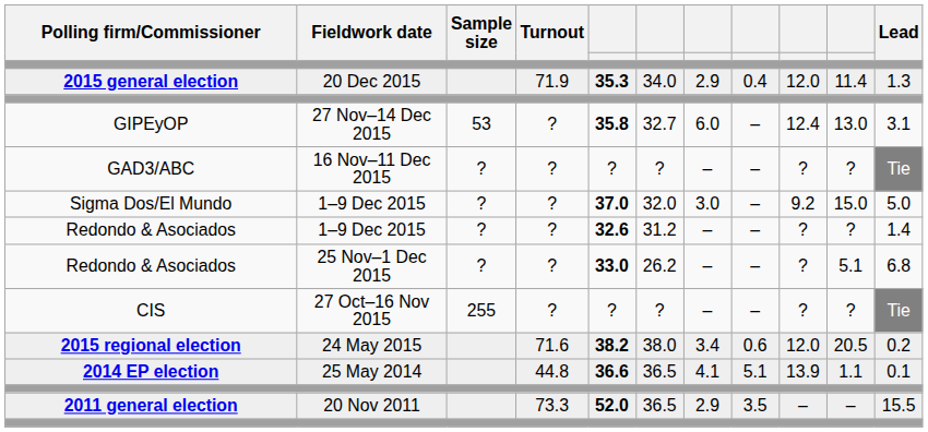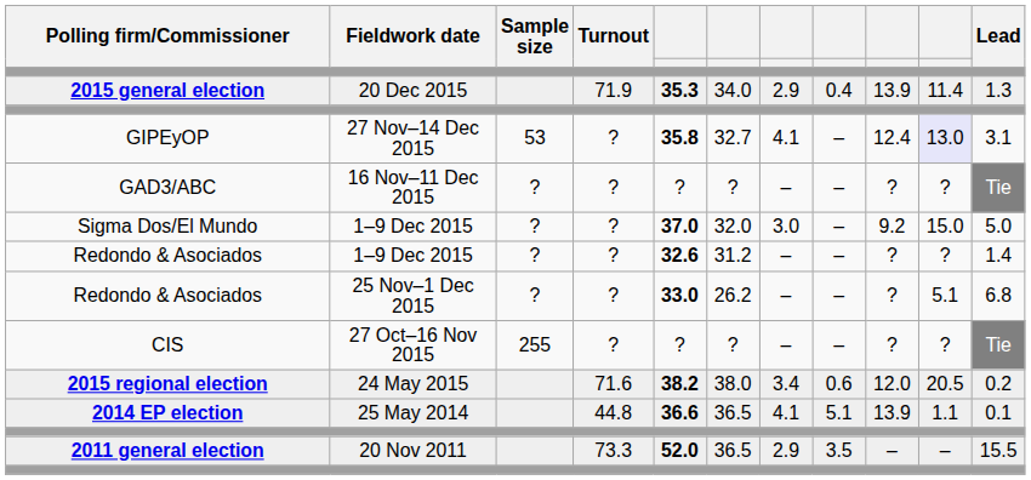 <table class="wikitable collapsible collapsed" style="text-align:center; font-size:95%; line-height:16px;">
 <tr style="height:42px; background-color:#E9E9E9">
 <th style="width:250px;" rowspan="2">Polling firm/Commissioner</th>
 <th style="width:125px;" rowspan="2">Fieldwork date</th>
 <th style="width:50px;" rowspan="2">Sample size</th>
 <th style="width:45px;" rowspan="2">Turnout</th>
 <th style="width:35px;"></th>
 <th style="width:35px;"></th>
 <th style="width:35px;"></th>
 <th style="width:35px;"></th>
 <th style="width:35px;"></th>
 <th style="width:35px;"></th>
 <th style="width:30px;" rowspan="2">Lead</th>
 </tr>
 <tr>
 <th style="color:inherit;background:"></th>
 <th style="color:inherit;background:"></th>
 <th style="color:inherit;background:"></th>
 <th style="color:inherit;background:"></th>
 <th style="color:inherit;background:"></th>
 <th style="color:inherit;background:"></th>
 </tr>
 <tr>
 <td colspan="11" style="background:#A0A0A0"></td>
 </tr>
 <tr style="background:#EFEFEF;">
 <td><strong><a href='#'>2015 general election</a></strong></td>
 <td>20 Dec 2015</td>
 <td></td>
 <td>71.9</td>
 <td><strong>35.3</strong><br></td>
 <td>34.0<br></td>
 <td>2.9<br></td>
 <td>0.4<br></td>
-<td>12.0<br></td>
+<td>13.9<br></td>
 <td>11.4<br></td>
 <td style="background:">1.3</td>
 </tr>
 <tr>
 <td colspan="11" style="background:#A0A0A0"></td>
 </tr>
 <tr>
 <td>GIPEyOP</td>
 <td>27 Nov–14 Dec 2015</td>
 <td>53</td>
 <td>?</td>
 <td><strong>35.8</strong><br></td>
 <td>32.7<br></td>
-<td>6.0<br></td>
+<td>4.1<br></td>
 <td>–</td>
 <td>12.4<br></td>
-<td>13.0<br></td>
+<td style="background: lavender;">13.0<br></td>
 <td style="background:">3.1</td>
 </tr>
 <tr>
 <td>GAD3/ABC</td>
 <td>16 Nov–11 Dec 2015</td>
 <td>?</td>
 <td>?</td>
 <td>?<br></td>
 <td>?<br></td>
 <td>–</td>
 <td>–</td>
 <td>?<br></td>
 <td>?<br></td>
 <td style="background:gray;color:white;">Tie</td>
 </tr>
 <tr>
 <td>Sigma Dos/El Mundo</td>
 <td>1–9 Dec 2015</td>
 <td>?</td>
 <td>?</td>
 <td><strong>37.0</strong><br></td>
 <td>32.0<br></td>
 <td>3.0<br></td>
 <td>–</td>
 <td>9.2<br></td>
 <td>15.0<br></td>
 <td style="background:">5.0</td>
 </tr>
 <tr>
 <td>Redondo & Asociados</td>
 <td>1–9 Dec 2015</td>
 <td>?</td>
 <td>?</td>
 <td><strong>32.6</strong><br></td>
 <td>31.2<br></td>
 <td>–</td>
 <td>–</td>
 <td>?<br></td>
 <td>?<br></td>
 <td style="background:">1.4</td>
 </tr>
 <tr>
 <td>Redondo & Asociados</td>
 <td>25 Nov–1 Dec 2015</td>
 <td>?</td>
 <td>?</td>
 <td><strong>33.0</strong><br></td>
 <td>26.2<br></td>
 <td>–</td>
 <td>–</td>
 <td>?<br></td>
 <td>5.1<br></td>
 <td style="background:">6.8</td>
 </tr>
 <tr>
 <td>CIS</td>
 <td>27 Oct–16 Nov 2015</td>
 <td>255</td>
 <td>?</td>
 <td>?<br></td>
 <td>?<br></td>
 <td>–</td>
 <td>–</td>
 <td>?<br></td>
 <td>?<br></td>
 <td style="background:gray;color:white;">Tie</td>
 </tr>
 <tr style="background:#EFEFEF;">
 <td><strong><a href='#'>2015 regional election</a></strong></td>
 <td>24 May 2015</td>
 <td></td>
 <td>71.6</td>
 <td><strong>38.2</strong><br></td>
 <td>38.0<br></td>
 <td>3.4<br></td>
 <td>0.6<br></td>
 <td>12.0<br></td>
 <td>20.5<br></td>
 <td style="background:">0.2</td>
 </tr>
 <tr style="background:#EFEFEF;">
 <td><strong><a href='#'>2014 EP election</a></strong></td>
 <td>25 May 2014</td>
 <td></td>
 <td>44.8</td>
 <td><strong>36.6</strong><br></td>
 <td>36.5<br></td>
 <td>4.1<br></td>
 <td>5.1<br></td>
 <td>13.9<br></td>
 <td>1.1<br></td>
 <td style="background:">0.1</td>
 </tr>
 <tr>
 <td colspan="11" style="background:#A0A0A0"></td>
 </tr>
 <tr style="background:#EFEFEF;">
 <td><strong><a href='#'>2011 general election</a></strong></td>
 <td>20 Nov 2011</td>
 <td></td>
 <td>73.3</td>
 <td><strong>52.0</strong><br></td>
 <td>36.5<br></td>
 <td>2.9<br></td>
 <td>3.5<br></td>
 <td>–</td>
 <td>–</td>
 <td style="background:">15.5</td>
 </tr>
 <tr>
 <td colspan="11" style="background:#A0A0A0"></td>
 </tr>
 </table>
